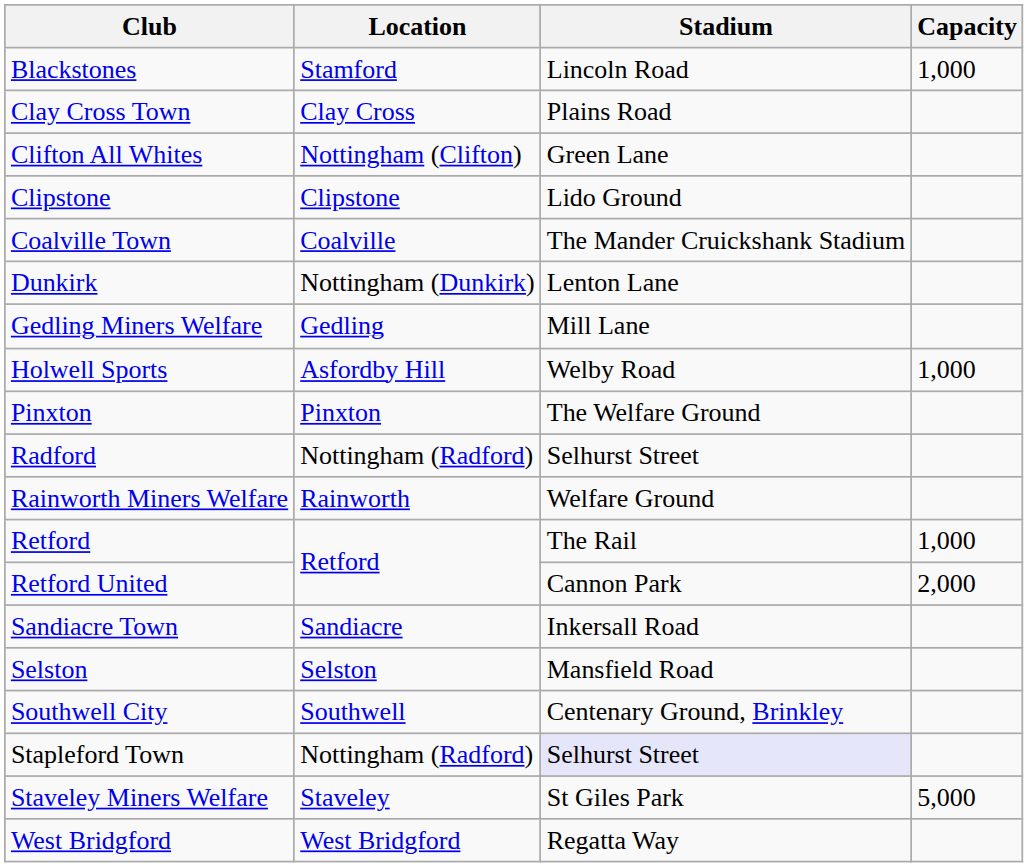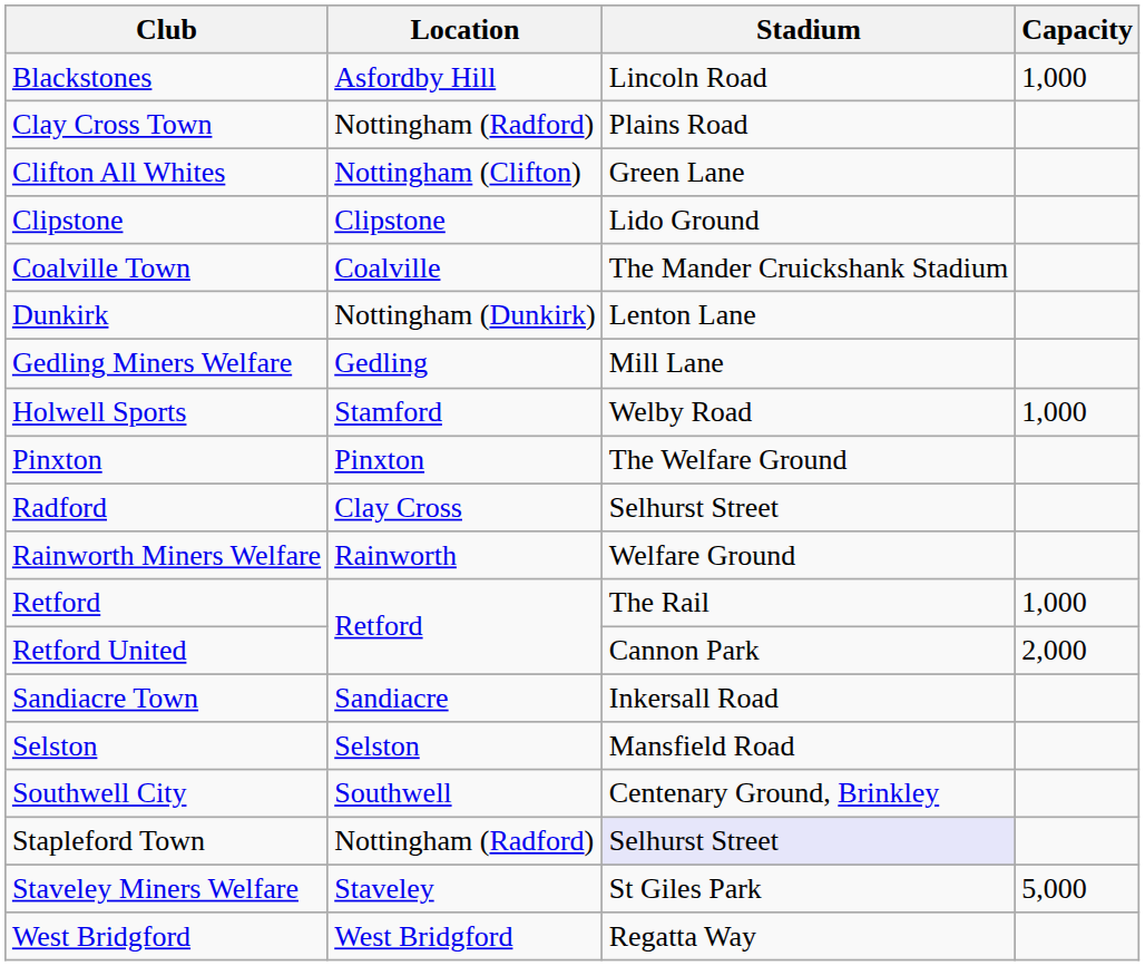 <table class="wikitable sortable" style="font-size:95%">
 <tr>
 <th>Club</th>
 <th>Location</th>
 <th>Stadium</th>
 <th>Capacity</th>
 </tr>
 <tr>
 <td><a href='#'>Blackstones</a></td>
-<td><a href='#'>Stamford</a></td>
+<td><a href='#'>Asfordby Hill</a></td>
 <td>Lincoln Road</td>
 <td>1,000</td>
 </tr>
 <tr>
 <td><a href='#'>Clay Cross Town</a></td>
-<td><a href='#'>Clay Cross</a></td>
+<td>Nottingham (<a href='#'>Radford</a>)</td>
 <td>Plains Road</td>
 <td></td>
 </tr>
 <tr>
 <td><a href='#'>Clifton All Whites</a></td>
 <td><a href='#'>Nottingham</a> (<a href='#'>Clifton</a>)</td>
 <td>Green Lane</td>
 <td></td>
 </tr>
 <tr>
 <td><a href='#'>Clipstone</a></td>
 <td><a href='#'>Clipstone</a></td>
 <td>Lido Ground</td>
 <td></td>
 </tr>
 <tr>
 <td><a href='#'>Coalville Town</a></td>
 <td><a href='#'>Coalville</a></td>
 <td>The Mander Cruickshank Stadium</td>
 <td></td>
 </tr>
 <tr>
 <td><a href='#'>Dunkirk</a></td>
 <td>Nottingham (<a href='#'>Dunkirk</a>)</td>
 <td>Lenton Lane</td>
 <td></td>
 </tr>
 <tr>
 <td><a href='#'>Gedling Miners Welfare</a></td>
 <td><a href='#'>Gedling</a></td>
 <td>Mill Lane</td>
 <td></td>
 </tr>
 <tr>
 <td><a href='#'>Holwell Sports</a></td>
-<td><a href='#'>Asfordby Hill</a></td>
+<td><a href='#'>Stamford</a></td>
 <td>Welby Road</td>
 <td>1,000</td>
 </tr>
 <tr>
 <td><a href='#'>Pinxton</a></td>
 <td><a href='#'>Pinxton</a></td>
 <td>The Welfare Ground</td>
 </tr>
 <tr>
 <td><a href='#'>Radford</a></td>
-<td>Nottingham (<a href='#'>Radford</a>)</td>
+<td><a href='#'>Clay Cross</a></td>
 <td>Selhurst Street</td>
 <td></td>
 </tr>
 <tr>
 <td><a href='#'>Rainworth Miners Welfare</a></td>
 <td><a href='#'>Rainworth</a></td>
 <td>Welfare Ground</td>
 <td></td>
 </tr>
 <tr>
 <td><a href='#'>Retford</a></td>
 <td rowspan=2><a href='#'>Retford</a></td>
 <td>The Rail</td>
 <td>1,000</td>
 </tr>
 <tr>
 <td><a href='#'>Retford United</a></td>
 <td>Cannon Park</td>
 <td>2,000</td>
 </tr>
 <tr>
 <td><a href='#'>Sandiacre Town</a></td>
 <td><a href='#'>Sandiacre</a></td>
 <td>Inkersall Road</td>
 <td></td>
 </tr>
 <tr>
 <td><a href='#'>Selston</a></td>
 <td><a href='#'>Selston</a></td>
 <td>Mansfield Road</td>
 <td></td>
 </tr>
 <tr>
 <td><a href='#'>Southwell City</a></td>
 <td><a href='#'>Southwell</a></td>
 <td>Centenary Ground, <a href='#'>Brinkley</a></td>
 <td></td>
 </tr>
 <tr>
 <td>Stapleford Town</td>
 <td>Nottingham (<a href='#'>Radford</a>)</td>
 <td style="background: lavender;">Selhurst Street</td>
 <td></td>
 </tr>
 <tr>
 <td><a href='#'>Staveley Miners Welfare</a></td>
 <td><a href='#'>Staveley</a></td>
 <td>St Giles Park</td>
 <td>5,000</td>
 </tr>
 <tr>
 <td><a href='#'>West Bridgford</a></td>
 <td><a href='#'>West Bridgford</a></td>
 <td>Regatta Way</td>
 <td></td>
 </tr>
 </table>
